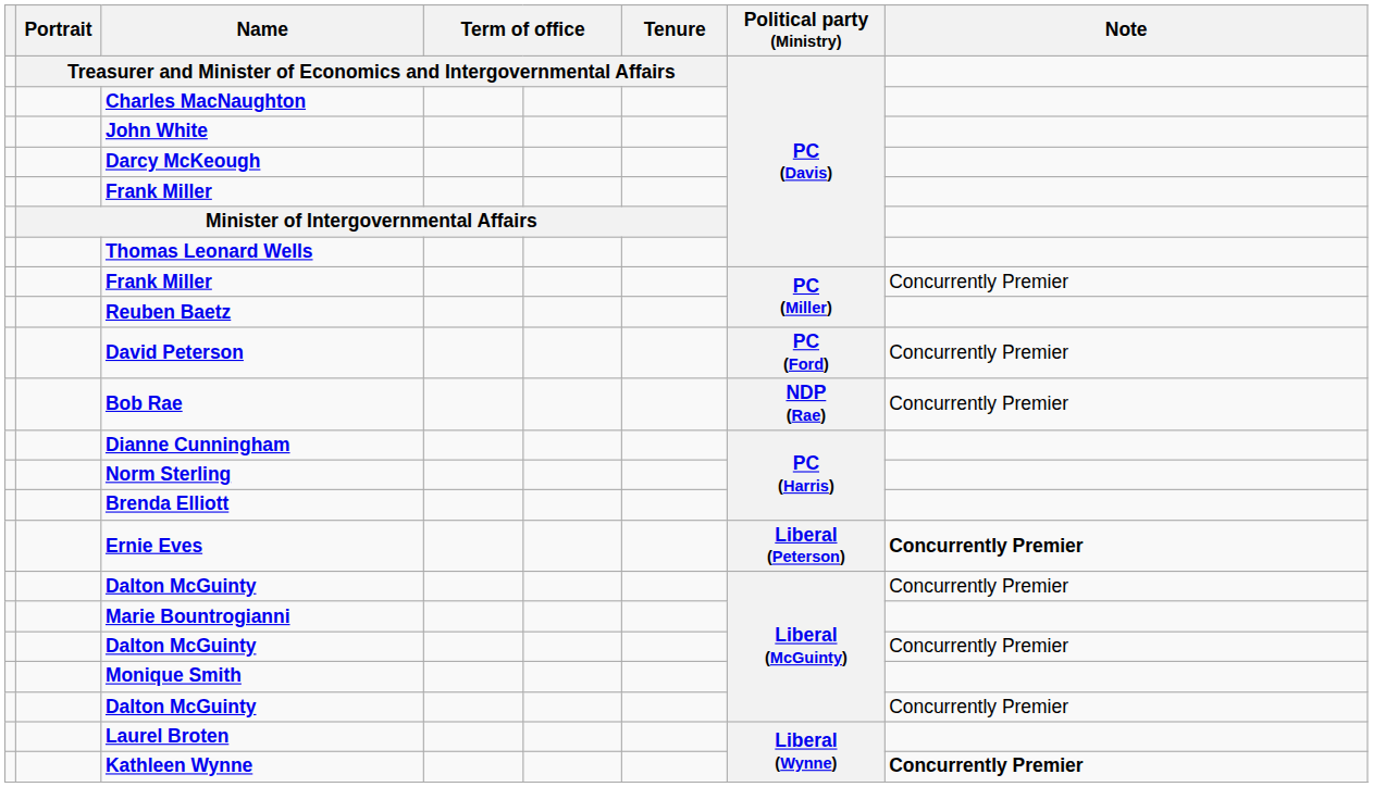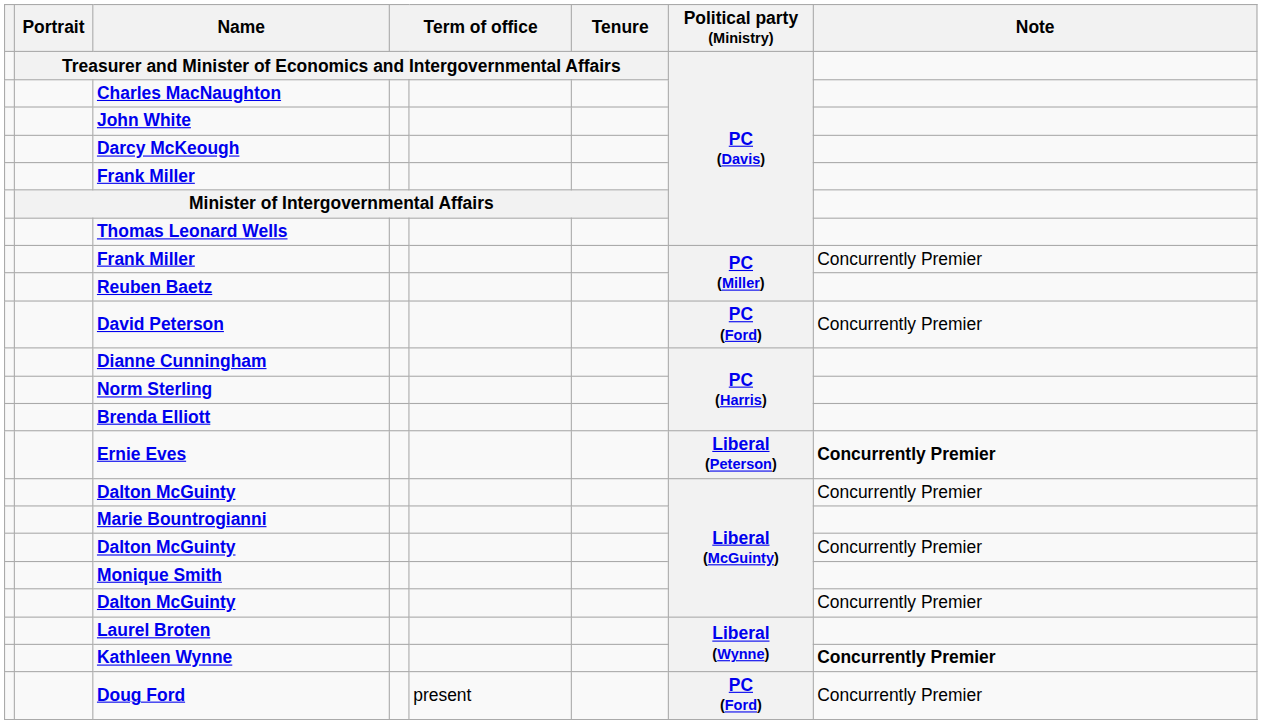 <table class="wikitable" style="width: 91%">
 <tr>
 <th></th>
 <th style="width: 65px;">Portrait</th>
 <th>Name</th>
 <th colspan=2>Term of office</th>
 <th>Tenure</th>
 <th>Political party<br><small>(Ministry)</small></th>
 <th style="width: 400px;">Note</th>
 </tr>
 <tr>
 <td></td>
 <th colspan=5>Treasurer and Minister of Economics and Intergovernmental Affairs</th>
 <th rowspan=7; style="background:"><a href='#'>PC</a><br><small>(<a href='#'>Davis</a>)</small></th>
 </tr>
 <tr>
 <td style="background:"></td>
 <td></td>
 <td><strong><a href='#'>Charles MacNaughton</a></strong></td>
 <td></td>
 <td></td>
 <td></td>
 <td></td>
 </tr>
 <tr>
 <td style="background:"></td>
 <td></td>
 <td><strong><a href='#'>John White</a></strong></td>
 <td></td>
 <td></td>
 <td></td>
 <td></td>
 </tr>
 <tr>
 <td style="background:"></td>
 <td></td>
 <td><strong><a href='#'>Darcy McKeough</a></strong></td>
 <td></td>
 <td></td>
 <td></td>
 <td></td>
 </tr>
 <tr>
 <td style="background:"></td>
 <td></td>
 <td><strong><a href='#'>Frank Miller</a></strong></td>
 <td></td>
 <td></td>
 <td></td>
 <td></td>
 </tr>
 <tr>
 <td></td>
 <th colspan=5>Minister of Intergovernmental Affairs</th>
 </tr>
 <tr>
 <td style="background:"></td>
 <td></td>
 <td><strong><a href='#'>Thomas Leonard Wells</a></strong></td>
 <td></td>
 <td></td>
 <td></td>
 <td></td>
 </tr>
 <tr>
 <td style="background:"></td>
 <td></td>
 <td><strong><a href='#'>Frank Miller</a></strong></td>
 <td></td>
 <td></td>
 <td></td>
 <th rowspan=2; style="background:"><a href='#'>PC</a><br><small>(<a href='#'>Miller</a>)</small></th>
 <td>Concurrently Premier</td>
 </tr>
 <tr>
 <td style="background:"></td>
 <td></td>
 <td><strong><a href='#'>Reuben Baetz</a></strong></td>
 <td></td>
 <td></td>
 <td></td>
 <td></td>
 </tr>
 <tr>
 <td style="background:"></td>
 <td></td>
 <td><strong><a href='#'>David Peterson</a></strong></td>
 <td></td>
 <td></td>
 <td></td>
 <th rowspan=1; style="background:"><a href='#'>PC</a><br><small>(<a href='#'>Ford</a>)</small></th>
-<td>Concurrently Premier</td>
-</tr>
-<tr>
-<td style="background:"></td>
-<td></td>
-<td><strong><a href='#'>Bob Rae</a></strong></td>
-<td></td>
-<td></td>
-<td rowspan=1></td>
-<th rowspan=1; style="background:"><a href='#'>NDP</a><br><small>(<a href='#'>Rae</a>)</small></th>
 <td>Concurrently Premier</td>
 </tr>
 <tr>
 <td style="background:"></td>
 <td></td>
 <td><strong><a href='#'>Dianne Cunningham</a></strong></td>
 <td></td>
 <td></td>
 <td></td>
 <th rowspan=3; style="background:"><a href='#'>PC</a><br><small>(<a href='#'>Harris</a>)</small></th>
 <td></td>
 </tr>
 <tr>
 <td style="background:"></td>
 <td></td>
 <td><strong><a href='#'>Norm Sterling</a></strong></td>
 <td></td>
 <td></td>
 <td></td>
 <td></td>
 </tr>
 <tr>
 <td style="background:"></td>
 <td></td>
 <td><strong><a href='#'>Brenda Elliott</a></strong></td>
 <td></td>
 <td></td>
 <td></td>
 <td></td>
 </tr>
 <tr>
 <td style="background:"></td>
 <td></td>
 <td><strong><a href='#'>Ernie Eves</a></strong></td>
 <td></td>
 <td></td>
 <td></td>
 <th rowspan=1; style="background:"><a href='#'>Liberal</a><br><small>(<a href='#'>Peterson</a>)</small></th>
 <td><strong>Concurrently Premier</strong></td>
 </tr>
 <tr>
 <td style="background:"></td>
 <td></td>
 <td><strong><a href='#'>Dalton McGuinty</a></strong></td>
 <td></td>
 <td></td>
 <td></td>
 <th rowspan=5; style="background:"><a href='#'>Liberal</a><br><small>(<a href='#'>McGuinty</a>)</small></th>
 <td>Concurrently Premier</td>
 </tr>
 <tr>
 <td style="background:"></td>
 <td></td>
 <td><strong><a href='#'>Marie Bountrogianni</a></strong></td>
 <td></td>
 <td></td>
 <td></td>
 <td></td>
 </tr>
 <tr>
 <td style="background:"></td>
 <td></td>
 <td><strong><a href='#'>Dalton McGuinty</a></strong></td>
 <td></td>
 <td></td>
 <td></td>
 <td>Concurrently Premier</td>
 </tr>
 <tr>
 <td style="background:"></td>
 <td></td>
 <td><strong><a href='#'>Monique Smith</a></strong></td>
 <td></td>
 <td></td>
 <td></td>
 <td></td>
 </tr>
 <tr>
 <td style="background:"></td>
 <td></td>
 <td><strong><a href='#'>Dalton McGuinty</a></strong></td>
 <td></td>
 <td></td>
 <td></td>
 <td>Concurrently Premier</td>
 </tr>
 <tr>
 <td style="background:"></td>
 <td></td>
 <td><strong><a href='#'>Laurel Broten</a></strong></td>
 <td></td>
 <td></td>
 <td></td>
 <th rowspan=2; style="background:"><a href='#'>Liberal</a><br><small>(<a href='#'>Wynne</a>)</small></th>
 <td></td>
 </tr>
 <tr>
 <td style="background:"></td>
 <td></td>
 <td><strong><a href='#'>Kathleen Wynne</a></strong></td>
 <td></td>
 <td></td>
 <td></td>
 <td><strong>Concurrently Premier</strong></td>
 </tr>
 <tr>
+<td style="background:"></td>
+<td></td>
+<td><strong><a href='#'>Doug Ford</a></strong></td>
+<td></td>
+<td>present</td>
+<td></td>
+<th rowspan=1; style="background:"><a href='#'>PC</a><br><small>(<a href='#'>Ford</a>)</small></th>
+<td>Concurrently Premier</td>
+</tr>
+<tr>
 </tr>
 </table>
